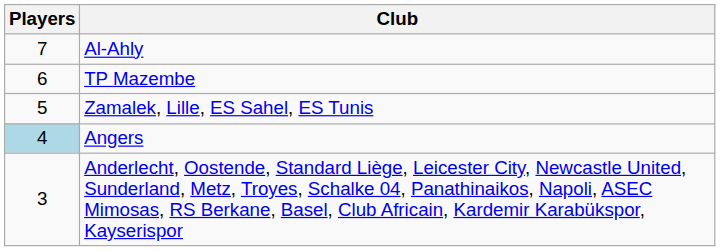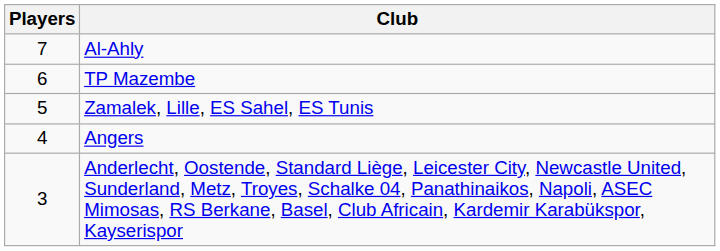 <table class="wikitable">
 <tr>
 <th>Players</th>
 <th>Club</th>
 </tr>
 <tr>
 <td align="center">7</td>
 <td> <a href='#'>Al-Ahly</a></td>
 </tr>
 <tr>
 <td align="center">6</td>
 <td> <a href='#'>TP Mazembe</a></td>
 </tr>
 <tr>
 <td align="center">5</td>
 <td> <a href='#'>Zamalek</a>,  <a href='#'>Lille</a>,  <a href='#'>ES Sahel</a>,  <a href='#'>ES Tunis</a></td>
 </tr>
 <tr>
-<td align="center" style="background: lightblue;">4</td>
+<td align="center">4</td>
 <td> <a href='#'>Angers</a></td>
 </tr>
 <tr>
 <td align="center">3</td>
 <td> <a href='#'>Anderlecht</a>,  <a href='#'>Oostende</a>,  <a href='#'>Standard Liège</a>,  <a href='#'>Leicester City</a>,  <a href='#'>Newcastle United</a>,  <a href='#'>Sunderland</a>,  <a href='#'>Metz</a>,  <a href='#'>Troyes</a>,  <a href='#'>Schalke 04</a>,  <a href='#'>Panathinaikos</a>,  <a href='#'>Napoli</a>,  <a href='#'>ASEC Mimosas</a>,  <a href='#'>RS Berkane</a>,  <a href='#'>Basel</a>,  <a href='#'>Club Africain</a>,  <a href='#'>Kardemir Karabükspor</a>,  <a href='#'>Kayserispor</a></td>
 </tr>
 </table>
